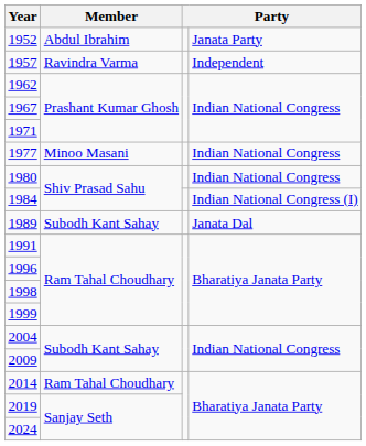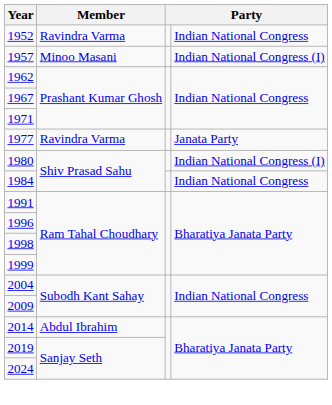 <table class="wikitable">
 <tr>
 <th>Year</th>
 <th>Member</th>
 <th colspan="2">Party</th>
 </tr>
 <tr>
 <td><a href='#'>1952</a></td>
-<td><a href='#'>Abdul Ibrahim</a></td>
+<td><a href='#'>Ravindra Varma</a></td>
 <td style="background-color: "></td>
-<td><a href='#'>Janata Party</a></td>
+<td><a href='#'>Indian National Congress</a></td>
 </tr>
 <tr>
 <td><a href='#'>1957</a></td>
-<td><a href='#'>Ravindra Varma</a></td>
+<td><a href='#'>Minoo Masani</a></td>
 <td style="background-color: "></td>
-<td><a href='#'>Independent</a></td>
+<td><a href='#'>Indian National Congress (I)</a></td>
 </tr>
 <tr>
 <td><a href='#'>1962</a></td>
 <td rowspan="3"><a href='#'>Prashant Kumar Ghosh</a></td>
 <td rowspan="3" style="background-color: "></td>
 <td rowspan="3"><a href='#'>Indian National Congress</a></td>
 </tr>
 <tr>
 <td><a href='#'>1967</a></td>
 </tr>
 <tr>
 <td><a href='#'>1971</a></td>
 </tr>
 <tr>
 <td><a href='#'>1977</a></td>
-<td><a href='#'>Minoo Masani</a></td>
+<td><a href='#'>Ravindra Varma</a></td>
 <td style="background-color: "></td>
-<td><a href='#'>Indian National Congress</a></td>
+<td><a href='#'>Janata Party</a></td>
 </tr>
 <tr>
 <td><a href='#'>1980</a></td>
 <td rowspan="2"><a href='#'>Shiv Prasad Sahu</a></td>
 <td style="background-color: "></td>
-<td><a href='#'>Indian National Congress</a></td>
+<td><a href='#'>Indian National Congress (I)</a></td>
 </tr>
 <tr>
 <td><a href='#'>1984</a></td>
 <td style="background-color: "></td>
-<td><a href='#'>Indian National Congress (I)</a></td>
-</tr>
-<tr>
-<td><a href='#'>1989</a></td>
-<td><a href='#'>Subodh Kant Sahay</a></td>
-<td style="background-color: "></td>
-<td><a href='#'>Janata Dal</a></td>
+<td><a href='#'>Indian National Congress</a></td>
 </tr>
 <tr>
 <td><a href='#'>1991</a></td>
 <td rowspan="4"><a href='#'>Ram Tahal Choudhary</a></td>
 <td rowspan="4" style="background-color: "></td>
 <td rowspan="4"><a href='#'>Bharatiya Janata Party</a></td>
 </tr>
 <tr>
 <td><a href='#'>1996</a></td>
 </tr>
 <tr>
 <td><a href='#'>1998</a></td>
 </tr>
 <tr>
 <td><a href='#'>1999</a></td>
 </tr>
 <tr>
 <td><a href='#'>2004</a></td>
 <td rowspan="2"><a href='#'>Subodh Kant Sahay</a></td>
 <td rowspan="2" style="background-color: "></td>
 <td rowspan="2"><a href='#'>Indian National Congress</a></td>
 </tr>
 <tr>
 <td><a href='#'>2009</a></td>
 </tr>
 <tr>
 <td><a href='#'>2014</a></td>
-<td><a href='#'>Ram Tahal Choudhary</a></td>
+<td><a href='#'>Abdul Ibrahim</a></td>
 <td rowspan="3" style="background-color: "></td>
 <td rowspan="3"><a href='#'>Bharatiya Janata Party</a></td>
 </tr>
 <tr>
 <td><a href='#'>2019</a></td>
 <td rowspan="3"><a href='#'>Sanjay Seth</a></td>
 </tr>
 <tr>
 <td><a href='#'>2024</a></td>
 </tr>
 </table>
